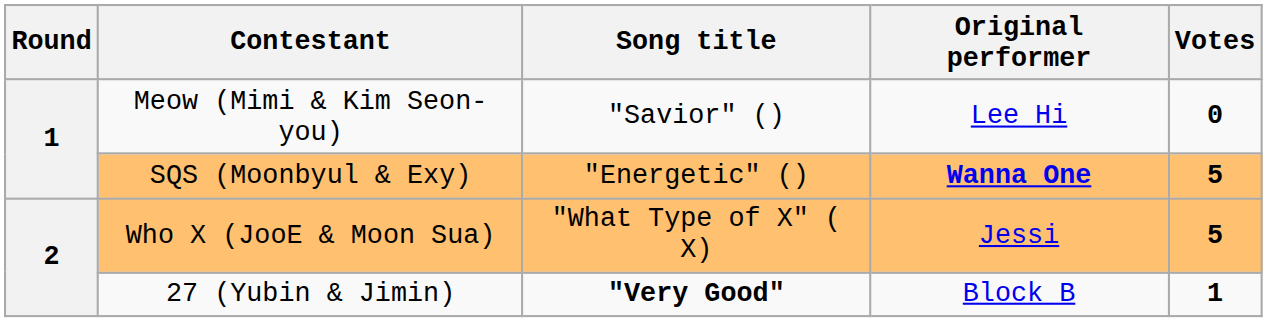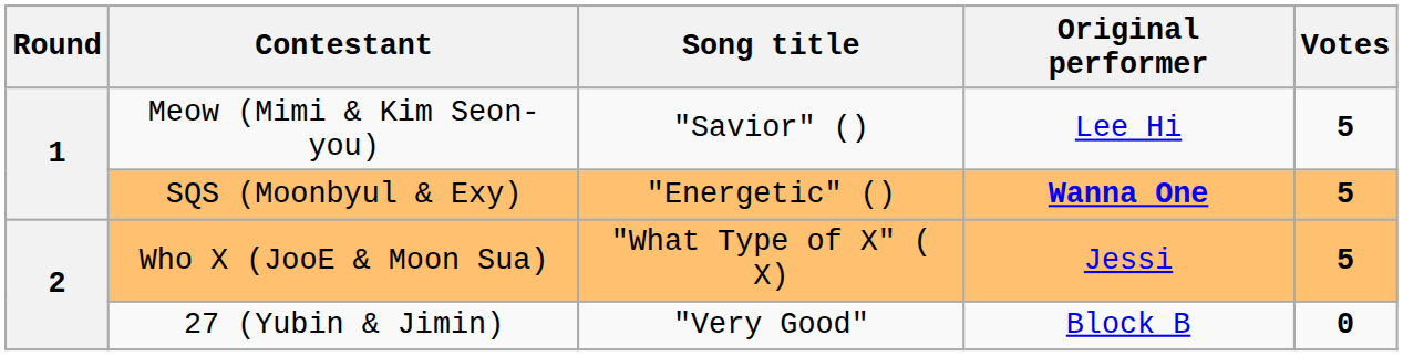 <table class="wikitable plainrowheaders sortable" style="text-align:center;">
 <tr>
 <th scope="col">Round</th>
 <th scope="col">Contestant</th>
 <th>Song title</th>
 <th>Original performer</th>
 <th>Votes</th>
 </tr>
 <tr>
 <th rowspan="2">1</th>
 <td>Meow (Mimi & Kim Seon-you)</td>
 <td>"Savior" ()</td>
 <td><a href='#'>Lee Hi</a></td>
-<td><strong>0</strong></td>
+<td><strong>5</strong></td>
 </tr>
 <tr>
 <td style="background:#FFC06F">SQS (Moonbyul & Exy)</td>
 <td style="background:#FFC06F">"Energetic" ()</td>
 <td style="background:#FFC06F"><strong><a href='#'>Wanna One</a></strong></td>
 <td style="background:#FFC06F"><strong>5</strong></td>
 </tr>
 <tr>
 <th rowspan="2">2</th>
 <td style="background:#FFC06F">Who X (JooE & Moon Sua)</td>
 <td style="background:#FFC06F">"What Type of X" ( X)</td>
 <td style="background:#FFC06F"><a href='#'>Jessi</a></td>
 <td style="background:#FFC06F"><strong>5</strong></td>
 </tr>
 <tr>
 <td>27 (Yubin & Jimin)</td>
-<td><strong>"Very Good"</strong></td>
+<td>"Very Good"</td>
 <td><a href='#'>Block B</a></td>
-<td><strong>1</strong></td>
+<td><strong>0</strong></td>
 </tr>
 </table>
